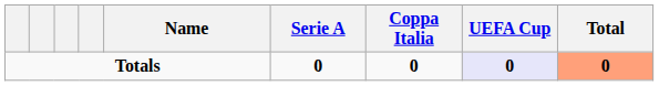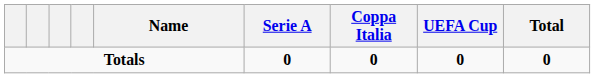 <table class="wikitable" style="text-align:center">
 <tr>
 <th width=15></th>
 <th width=15></th>
 <th width=15></th>
 <th width=15></th>
 <th width=145>Name</th>
 <th width=80><a href='#'>Serie A</a></th>
 <th width=80><a href='#'>Coppa Italia</a></th>
 <th width=80><a href='#'>UEFA Cup</a></th>
 <th width=80>Total</th>
 </tr>
 <tr>
 <td colspan=5><strong>Totals</strong></td>
 <td><strong>0</strong></td>
 <td><strong>0</strong></td>
-<td style="background: lavender;"><strong>0</strong></td>
-<td style="background: lightsalmon;"><strong>0</strong></td>
+<td><strong>0</strong></td>
+<td><strong>0</strong></td>
 </tr>
 </table>
